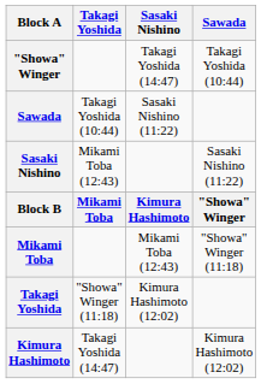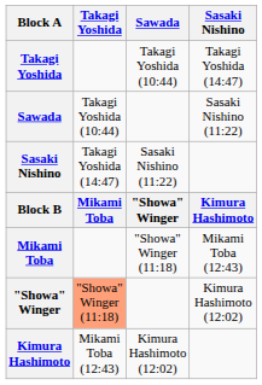 <table class="wikitable" style="text-align:center; margin: 1em auto 1em auto">
 <tr align="center">
 <th>Block A</th>
 <th><a href='#'>Takagi</a><br><a href='#'>Yoshida</a></th>
+<th><a href='#'>Sawada</a><br></th>
 <th><a href='#'>Sasaki</a><br>Nishino</th>
-<th><a href='#'>Sawada</a><br></th>
 </tr>
 <tr align="center">
-<th>"Showa"<br>Winger</th>
+<th><a href='#'>Takagi</a><br><a href='#'>Yoshida</a></th>
 <td></td>
+<td>Takagi<br>Yoshida<br>(10:44)</td>
 <td>Takagi<br>Yoshida<br>(14:47)</td>
-<td>Takagi<br>Yoshida<br>(10:44)</td>
 </tr>
 <tr align="center">
 <th><a href='#'>Sawada</a><br></th>
 <td>Takagi<br>Yoshida<br>(10:44)</td>
+<td></td>
+<td>Sasaki<br>Nishino<br>(11:22)</td>
+</tr>
+<tr align="center">
+<th><a href='#'>Sasaki</a><br>Nishino</th>
+<td>Takagi<br>Yoshida<br>(14:47)</td>
 <td>Sasaki<br>Nishino<br>(11:22)</td>
 <td></td>
 </tr>
 <tr align="center">
-<th><a href='#'>Sasaki</a><br>Nishino</th>
-<td>Mikami<br>Toba<br>(12:43)</td>
-<td></td>
-<td>Sasaki<br>Nishino<br>(11:22)</td>
-</tr>
-<tr align="center">
 <th>Block B</th>
 <th><a href='#'>Mikami</a><br><a href='#'>Toba</a></th>
+<th>"Showa"<br>Winger</th>
 <th><a href='#'>Kimura</a><br><a href='#'>Hashimoto</a></th>
-<th>"Showa"<br>Winger</th>
 </tr>
 <tr align="center">
 <th><a href='#'>Mikami</a><br><a href='#'>Toba</a></th>
 <td></td>
+<td>"Showa"<br>Winger<br>(11:18)</td>
 <td>Mikami<br>Toba<br>(12:43)</td>
-<td>"Showa"<br>Winger<br>(11:18)</td>
 </tr>
 <tr align="center">
-<th><a href='#'>Takagi</a><br><a href='#'>Yoshida</a></th>
-<td>"Showa"<br>Winger<br>(11:18)</td>
+<th>"Showa"<br>Winger</th>
+<td style="background: lightsalmon;">"Showa"<br>Winger<br>(11:18)</td>
+<td></td>
+<td>Kimura<br>Hashimoto<br>(12:02)</td>
+</tr>
+<tr align="center">
+<th><a href='#'>Kimura</a><br><a href='#'>Hashimoto</a></th>
+<td>Mikami<br>Toba<br>(12:43)</td>
 <td>Kimura<br>Hashimoto<br>(12:02)</td>
 <td></td>
 </tr>
-<tr align="center">
-<th><a href='#'>Kimura</a><br><a href='#'>Hashimoto</a></th>
-<td>Takagi<br>Yoshida<br>(14:47)</td>
-<td></td>
-<td>Kimura<br>Hashimoto<br>(12:02)</td>
-</tr>
 </table>
